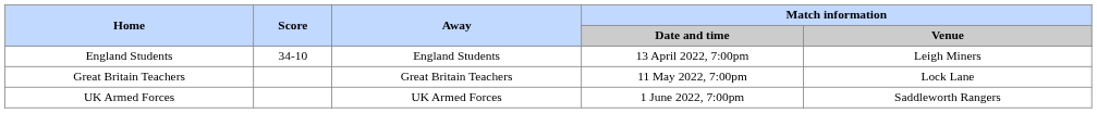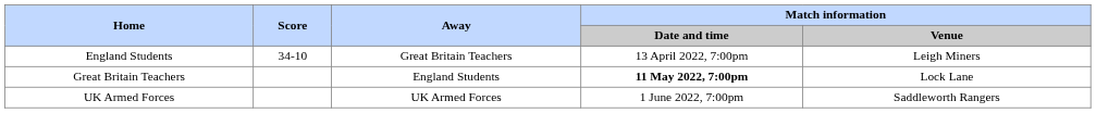 <table style="border-collapse:collapse; font-size:90%; text-align:center;" width="100%" cellspacing="0" cellpadding="3" border="1">
 <tr bgcolor="#C1D8FF">
 <th rowspan="2" width="19%">Home</th>
 <th rowspan="2" width="6%">Score</th>
 <th rowspan="2" width="19%">Away</th>
 <th colspan="2">Match information</th>
 </tr>
 <tr bgcolor="#CCCCCC">
 <th width="17%">Date and time</th>
 <th width="22%">Venue</th>
 </tr>
 <tr>
 <td>England Students</td>
 <td>34-10</td>
-<td>England Students</td>
+<td>Great Britain Teachers</td>
 <td>13 April 2022, 7:00pm</td>
 <td>Leigh Miners</td>
 </tr>
 <tr>
 <td>Great Britain Teachers</td>
 <td></td>
-<td>Great Britain Teachers</td>
-<td>11 May 2022, 7:00pm</td>
+<td>England Students</td>
+<td><strong>11 May 2022, 7:00pm</strong></td>
 <td>Lock Lane</td>
 </tr>
 <tr>
 <td>UK Armed Forces</td>
 <td></td>
 <td>UK  Armed Forces</td>
 <td>1 June 2022, 7:00pm</td>
 <td>Saddleworth Rangers</td>
 </tr>
 </table>
